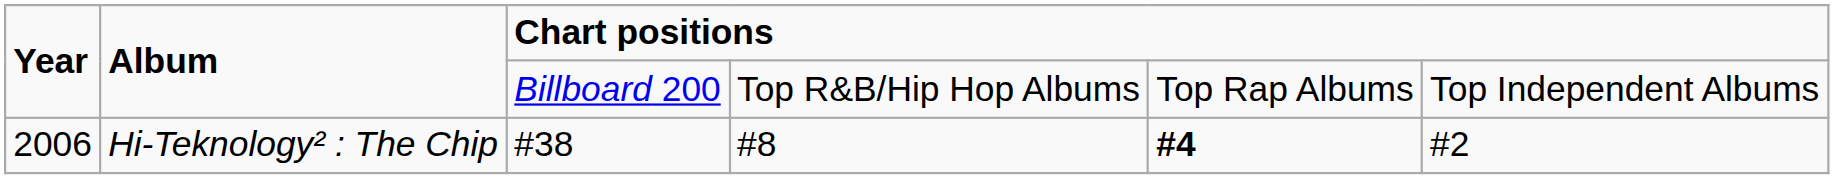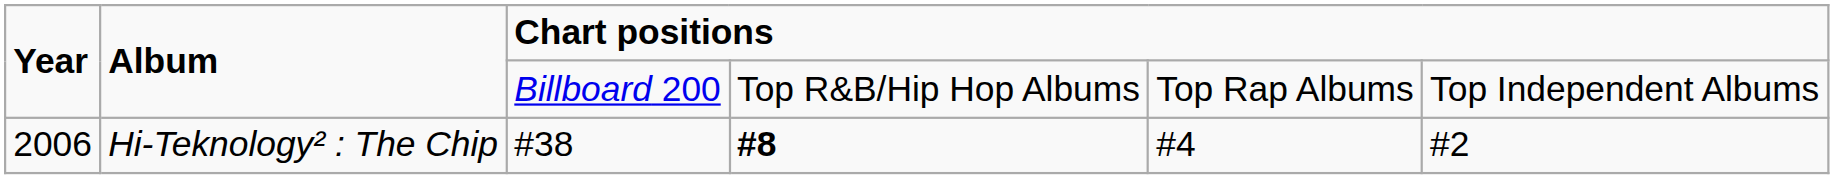 <table class="wikitable">
 <tr>
 <td rowspan="2"><strong>Year</strong></td>
 <td rowspan="2"><strong>Album</strong></td>
 <td colspan="5"><strong>Chart positions</strong></td>
 </tr>
 <tr>
 <td><a href='#'><em>Billboard</em> 200</a></td>
 <td>Top R&B/Hip Hop Albums</td>
 <td>Top Rap Albums</td>
 <td>Top Independent Albums</td>
 </tr>
 <tr>
 <td>2006</td>
 <td><em>Hi-Teknology² : The Chip</em></td>
 <td>#38</td>
-<td>#8</td>
-<td><strong>#4</strong></td>
+<td><strong>#8</strong></td>
+<td>#4</td>
 <td>#2</td>
 </tr>
 </table>
